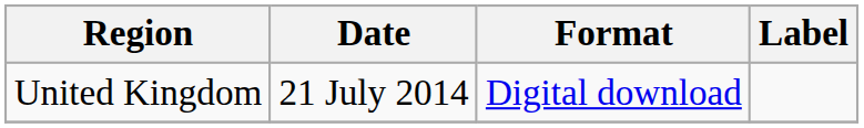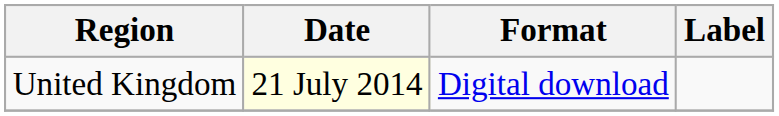 <table class=wikitable>
 <tr>
 <th>Region</th>
 <th>Date</th>
 <th>Format</th>
 <th>Label</th>
 </tr>
 <tr>
 <td>United Kingdom</td>
-<td>21 July 2014</td>
+<td style="background: lightyellow;">21 July 2014</td>
 <td><a href='#'>Digital download</a></td>
 <td></td>
 </tr>
 <tr>
 </tr>
 </table>
